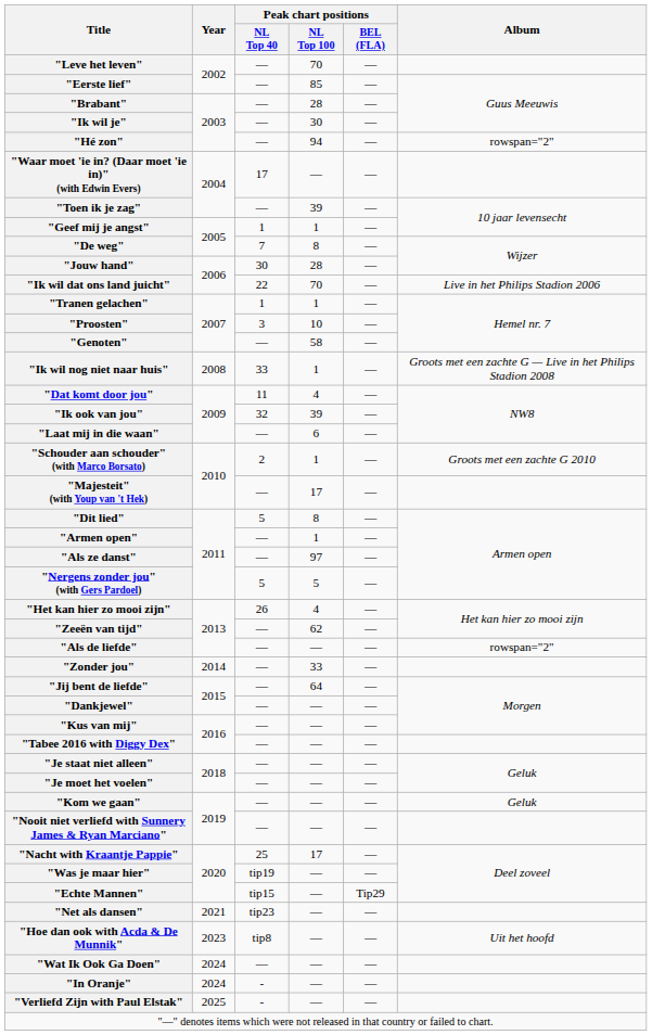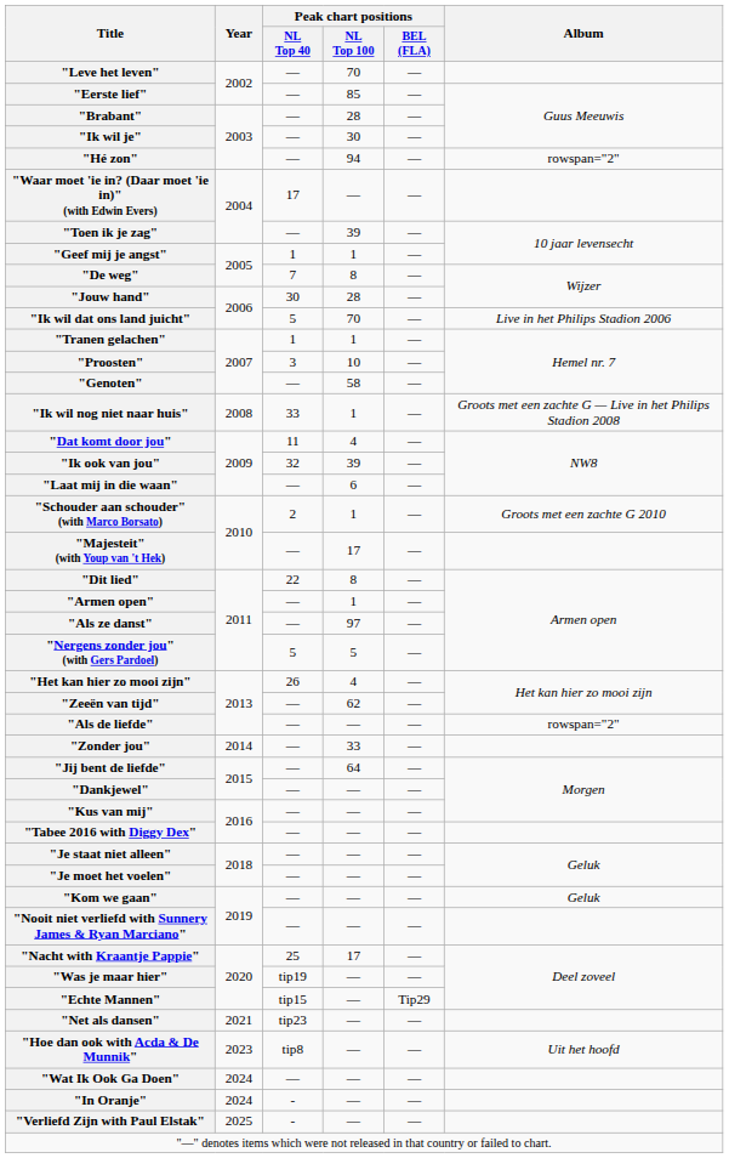 <table class="wikitable plainrowheaders" style="text-align:center;" border="1">
 <tr>
 <th scope="col" rowspan="2" style="width:15em;">Title</th>
 <th scope="col" rowspan="2" style="width:3em;">Year</th>
 <th scope="col" colspan="3">Peak chart positions</th>
 <th scope="col" rowspan="2" style="width:20em;">Album</th>
 </tr>
 <tr>
 <th scope="col" style="width:4.5em;font-size:90%;"><a href='#'>NL<br>Top 40</a><br></th>
 <th scope="col" style="width:4.5em;font-size:90%;"><a href='#'>NL<br>Top 100</a><br></th>
 <th scope="col" style="width:4.5em;font-size:90%;"><a href='#'>BEL<br>(FLA)</a><br></th>
 </tr>
 <tr>
 <th scope="row">"Leve het leven"</th>
 <td rowspan="2">2002</td>
 <td>—</td>
 <td>70</td>
 <td>—</td>
 <td></td>
 </tr>
 <tr>
 <th scope="row">"Eerste lief"</th>
 <td>—</td>
 <td>85</td>
 <td>—</td>
 <td rowspan="3"><em>Guus Meeuwis</em></td>
 </tr>
 <tr>
 <th scope="row">"Brabant"</th>
 <td rowspan="3">2003</td>
 <td>—</td>
 <td>28</td>
 <td>—</td>
 </tr>
 <tr>
 <th scope="row">"Ik wil je"</th>
 <td>—</td>
 <td>30</td>
 <td>—</td>
 </tr>
 <tr>
 <th scope="row">"Hé zon"</th>
 <td>—</td>
 <td>94</td>
 <td>—</td>
 <td>rowspan="2" </td>
 </tr>
 <tr>
 <th scope="row">"Waar moet 'ie in? (Daar moet 'ie in)"<br><small>(with Edwin Evers)</small></th>
 <td rowspan="2">2004</td>
 <td>17</td>
 <td>—</td>
 <td>—</td>
 </tr>
 <tr>
 <th scope="row">"Toen ik je zag"</th>
 <td>—</td>
 <td>39</td>
 <td>—</td>
 <td rowspan="2"><em>10 jaar levensecht</em></td>
 </tr>
 <tr>
 <th scope="row">"Geef mij je angst"</th>
 <td rowspan="2">2005</td>
 <td>1</td>
 <td>1</td>
 <td>—</td>
 </tr>
 <tr>
 <th scope="row">"De weg"</th>
 <td>7</td>
 <td>8</td>
 <td>—</td>
 <td rowspan="2"><em>Wijzer</em></td>
 </tr>
 <tr>
 <th scope="row">"Jouw hand"</th>
 <td rowspan="2">2006</td>
 <td>30</td>
 <td>28</td>
 <td>—</td>
 </tr>
 <tr>
 <th scope="row">"Ik wil dat ons land juicht"</th>
-<td>22</td>
+<td>5</td>
 <td>70</td>
 <td>—</td>
 <td rowspan="1"><em>Live in het Philips Stadion 2006</em></td>
 </tr>
 <tr>
 <th scope="row">"Tranen gelachen"</th>
 <td rowspan="3">2007</td>
 <td>1</td>
 <td>1</td>
 <td>—</td>
 <td rowspan="3"><em>Hemel nr. 7</em></td>
 </tr>
 <tr>
 <th scope="row">"Proosten"</th>
 <td>3</td>
 <td>10</td>
 <td>—</td>
 </tr>
 <tr>
 <th scope="row">"Genoten"</th>
 <td>—</td>
 <td>58</td>
 <td>—</td>
 </tr>
 <tr>
 <th scope="row">"Ik wil nog niet naar huis"</th>
 <td rowspan="1">2008</td>
 <td>33</td>
 <td>1</td>
 <td>—</td>
 <td rowspan="1"><em>Groots met een zachte G — Live in het Philips Stadion 2008</em></td>
 </tr>
 <tr>
 <th scope="row">"<a href='#'>Dat komt door jou</a>"</th>
 <td rowspan="3">2009</td>
 <td>11</td>
 <td>4</td>
 <td>—</td>
 <td rowspan="3"><em>NW8</em></td>
 </tr>
 <tr>
 <th scope="row">"Ik ook van jou"</th>
 <td>32</td>
 <td>39</td>
 <td>—</td>
 </tr>
 <tr>
 <th scope="row">"Laat mij in die waan"</th>
 <td>—</td>
 <td>6</td>
 <td>—</td>
 </tr>
 <tr>
 <th scope="row">"Schouder aan schouder"<br><small>(with <a href='#'>Marco Borsato</a>)</small></th>
 <td rowspan="2">2010</td>
 <td>2</td>
 <td>1</td>
 <td>—</td>
 <td rowspan="1"><em>Groots met een zachte G 2010</em></td>
 </tr>
 <tr>
 <th scope="row">"Majesteit"<br><small>(with <a href='#'>Youp van 't Hek</a>)</small></th>
 <td>—</td>
 <td>17</td>
 <td>—</td>
 <td></td>
 </tr>
 <tr>
 <th scope="row">"Dit lied"</th>
 <td rowspan="4">2011</td>
-<td>5</td>
+<td>22</td>
 <td>8</td>
 <td>—</td>
 <td rowspan="4"><em>Armen open</em></td>
 </tr>
 <tr>
 <th scope="row">"Armen open"</th>
 <td>—</td>
 <td>1</td>
 <td>—</td>
 </tr>
 <tr>
 <th scope="row">"Als ze danst"</th>
 <td>—</td>
 <td>97</td>
 <td>—</td>
 </tr>
 <tr>
 <th scope="row">"<a href='#'>Nergens zonder jou</a>"<br><small>(with <a href='#'>Gers Pardoel</a>)</small></th>
 <td>5</td>
 <td>5</td>
 <td>—</td>
 </tr>
 <tr>
 <th scope="row">"Het kan hier zo mooi zijn"</th>
 <td rowspan="3">2013</td>
 <td>26</td>
 <td>4</td>
 <td>—</td>
 <td rowspan="2"><em>Het kan hier zo mooi zijn</em></td>
 </tr>
 <tr>
 <th scope="row">"Zeeën van tijd"</th>
 <td>—</td>
 <td>62</td>
 <td>—</td>
 </tr>
 <tr>
 <th scope="row">"Als de liefde"</th>
 <td>—</td>
 <td>—</td>
 <td>—</td>
 <td>rowspan="2" </td>
 </tr>
 <tr>
 <th scope="row">"Zonder jou"</th>
 <td rowspan="1">2014</td>
 <td>—</td>
 <td>33</td>
 <td>—</td>
 </tr>
 <tr>
 <th scope="row">"Jij bent de liefde"</th>
 <td rowspan="2">2015</td>
 <td>—</td>
 <td>64</td>
 <td>—</td>
 <td rowspan="3"><em>Morgen</em></td>
 </tr>
 <tr>
 <th scope="row">"Dankjewel"</th>
 <td>—</td>
 <td>—</td>
 <td>—</td>
 </tr>
 <tr>
 <th scope="row">"Kus van mij"</th>
 <td rowspan="2">2016</td>
 <td>—</td>
 <td>—</td>
 <td>—</td>
 </tr>
 <tr>
 <th scope="row">"Tabee 2016 with <a href='#'>Diggy Dex</a>"</th>
 <td>—</td>
 <td>—</td>
 <td>—</td>
 <td></td>
 </tr>
 <tr>
 <th scope="row">"Je staat niet alleen"</th>
 <td rowspan="2">2018</td>
 <td>—</td>
 <td>—</td>
 <td>—</td>
 <td rowspan="2"><em>Geluk</em></td>
 </tr>
 <tr>
 <th scope="row">"Je moet het voelen"</th>
 <td>—</td>
 <td>—</td>
 <td>—</td>
 </tr>
 <tr>
 <th scope="row">"Kom we gaan"</th>
 <td rowspan="2">2019</td>
 <td>—</td>
 <td>—</td>
 <td>—</td>
 <td><em>Geluk</em></td>
 </tr>
 <tr>
 <th scope="row">"Nooit niet verliefd with <a href='#'>Sunnery James & Ryan Marciano</a>"</th>
 <td>—</td>
 <td>—</td>
 <td>—</td>
 <td></td>
 </tr>
 <tr>
 <th scope="row">"Nacht with <a href='#'>Kraantje Pappie</a>"</th>
 <td rowspan="3">2020</td>
 <td>25</td>
 <td>17</td>
 <td>—</td>
 <td rowspan="3"><em>Deel zoveel</em></td>
 </tr>
 <tr>
 <th scope="row">"Was je maar hier"</th>
 <td>tip19</td>
 <td>—</td>
 <td>—</td>
 </tr>
 <tr>
 <th scope="row">"Echte Mannen"</th>
 <td>tip15</td>
 <td>—</td>
 <td>Tip29</td>
 </tr>
 <tr>
 <th scope="row">"Net als dansen"</th>
 <td>2021</td>
 <td>tip23</td>
 <td>—</td>
 <td>—</td>
 <td></td>
 </tr>
 <tr>
 <th scope="row">"Hoe dan ook with <a href='#'>Acda & De Munnik</a>"</th>
 <td>2023</td>
 <td>tip8</td>
 <td>—</td>
 <td>—</td>
 <td><em>Uit het hoofd</em></td>
 </tr>
 <tr>
 <th scope="row">"Wat Ik Ook Ga Doen"</th>
 <td>2024</td>
 <td>—</td>
 <td>—</td>
 <td>—</td>
 <td></td>
 </tr>
 <tr>
 <th scope="row">"In Oranje"</th>
 <td>2024</td>
 <td>-</td>
 <td>—</td>
 <td>—</td>
 <td></td>
 </tr>
 <tr>
 <th scope="row">"Verliefd Zijn with Paul Elstak"</th>
 <td>2025</td>
 <td>-</td>
 <td>—</td>
 <td>—</td>
 <td></td>
 </tr>
 <tr>
 <td colspan="7" align="center" style="font-size:90%;">"—" denotes items which were not released in that country or failed to chart.</td>
 </tr>
 </table>
